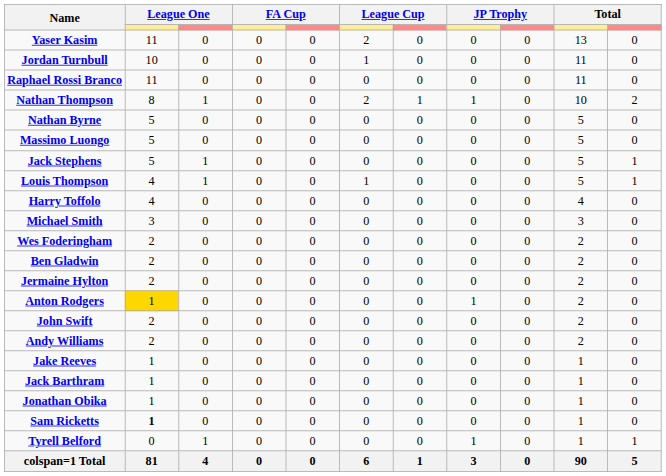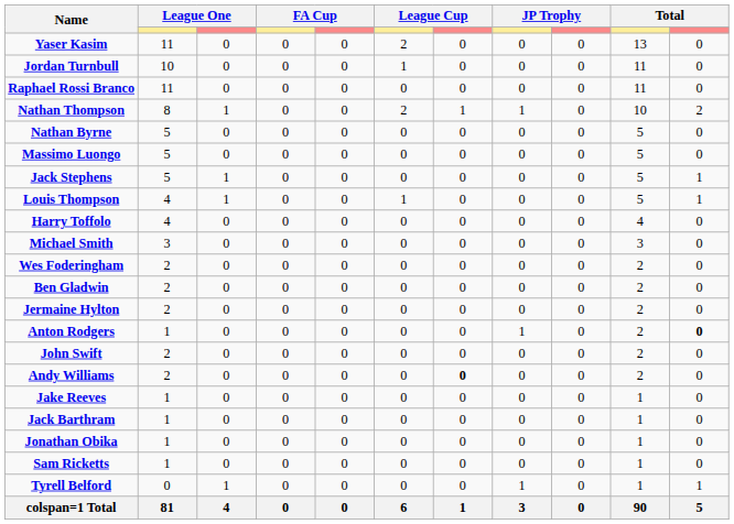 <table class="wikitable" style="font-size: 95%; text-align: center;">
 <tr>
 <th rowspan=2>Name</th>
 <th colspan=2><a href='#'>League One</a></th>
 <th colspan=2><a href='#'>FA Cup</a></th>
 <th colspan=2><a href='#'>League Cup</a></th>
 <th colspan=2><a href='#'>JP Trophy</a></th>
 <th colspan=2>Total</th>
 </tr>
 <tr>
 <th style="width:60px; background:#fe9;"></th>
 <th style="width:60px; background:#ff8888;"></th>
 <th style="width:60px; background:#fe9;"></th>
 <th style="width:60px; background:#ff8888;"></th>
 <th style="width:60px; background:#fe9;"></th>
 <th style="width:60px; background:#ff8888;"></th>
 <th style="width:60px; background:#fe9;"></th>
 <th style="width:60px; background:#ff8888;"></th>
 <th style="width:60px; background:#fe9;"></th>
 <th style="width:60px; background:#ff8888;"></th>
 </tr>
 <tr>
 <td><strong><a href='#'>Yaser Kasim</a></strong></td>
 <td>11</td>
 <td>0</td>
 <td>0</td>
 <td>0</td>
 <td>2</td>
 <td>0</td>
 <td>0</td>
 <td>0</td>
 <td>13</td>
 <td>0</td>
 </tr>
 <tr>
 <td><strong><a href='#'>Jordan Turnbull</a></strong></td>
 <td>10</td>
 <td>0</td>
 <td>0</td>
 <td>0</td>
 <td>1</td>
 <td>0</td>
 <td>0</td>
 <td>0</td>
 <td>11</td>
 <td>0</td>
 </tr>
 <tr>
 <td><strong><a href='#'>Raphael Rossi Branco</a></strong></td>
 <td>11</td>
 <td>0</td>
 <td>0</td>
 <td>0</td>
 <td>0</td>
 <td>0</td>
 <td>0</td>
 <td>0</td>
 <td>11</td>
 <td>0</td>
 </tr>
 <tr>
 <td><strong><a href='#'>Nathan Thompson</a></strong></td>
 <td>8</td>
 <td>1</td>
 <td>0</td>
 <td>0</td>
 <td>2</td>
 <td>1</td>
 <td>1</td>
 <td>0</td>
 <td>10</td>
 <td>2</td>
 </tr>
 <tr>
 <td><strong><a href='#'>Nathan Byrne</a></strong></td>
 <td>5</td>
 <td>0</td>
 <td>0</td>
 <td>0</td>
 <td>0</td>
 <td>0</td>
 <td>0</td>
 <td>0</td>
 <td>5</td>
 <td>0</td>
 </tr>
 <tr>
 <td><strong><a href='#'>Massimo Luongo</a></strong></td>
 <td>5</td>
 <td>0</td>
 <td>0</td>
 <td>0</td>
 <td>0</td>
 <td>0</td>
 <td>0</td>
 <td>0</td>
 <td>5</td>
 <td>0</td>
 </tr>
 <tr>
 <td><strong><a href='#'>Jack Stephens</a></strong></td>
 <td>5</td>
 <td>1</td>
 <td>0</td>
 <td>0</td>
 <td>0</td>
 <td>0</td>
 <td>0</td>
 <td>0</td>
 <td>5</td>
 <td>1</td>
 </tr>
 <tr>
 <td><strong><a href='#'>Louis Thompson</a></strong></td>
 <td>4</td>
 <td>1</td>
 <td>0</td>
 <td>0</td>
 <td>1</td>
 <td>0</td>
 <td>0</td>
 <td>0</td>
 <td>5</td>
 <td>1</td>
 </tr>
 <tr>
 <td><strong><a href='#'>Harry Toffolo</a></strong></td>
 <td>4</td>
 <td>0</td>
 <td>0</td>
 <td>0</td>
 <td>0</td>
 <td>0</td>
 <td>0</td>
 <td>0</td>
 <td>4</td>
 <td>0</td>
 </tr>
 <tr>
 <td><strong><a href='#'>Michael Smith</a></strong></td>
 <td>3</td>
 <td>0</td>
 <td>0</td>
 <td>0</td>
 <td>0</td>
 <td>0</td>
 <td>0</td>
 <td>0</td>
 <td>3</td>
 <td>0</td>
 </tr>
 <tr>
 <td><strong><a href='#'>Wes Foderingham</a></strong></td>
 <td>2</td>
 <td>0</td>
 <td>0</td>
 <td>0</td>
 <td>0</td>
 <td>0</td>
 <td>0</td>
 <td>0</td>
 <td>2</td>
 <td>0</td>
 </tr>
 <tr>
 <td><strong><a href='#'>Ben Gladwin</a></strong></td>
 <td>2</td>
 <td>0</td>
 <td>0</td>
 <td>0</td>
 <td>0</td>
 <td>0</td>
 <td>0</td>
 <td>0</td>
 <td>2</td>
 <td>0</td>
 </tr>
 <tr>
 <td><strong><a href='#'>Jermaine Hylton</a></strong></td>
 <td>2</td>
 <td>0</td>
 <td>0</td>
 <td>0</td>
 <td>0</td>
 <td>0</td>
 <td>0</td>
 <td>0</td>
 <td>2</td>
 <td>0</td>
 </tr>
 <tr>
 <td><strong><a href='#'>Anton Rodgers</a></strong></td>
-<td style="background: gold;">1</td>
+<td>1</td>
 <td>0</td>
 <td>0</td>
 <td>0</td>
 <td>0</td>
 <td>0</td>
 <td>1</td>
 <td>0</td>
 <td>2</td>
-<td>0</td>
+<td><strong>0</strong></td>
 </tr>
 <tr>
 <td><strong><a href='#'>John Swift</a></strong></td>
 <td>2</td>
 <td>0</td>
 <td>0</td>
 <td>0</td>
 <td>0</td>
 <td>0</td>
 <td>0</td>
 <td>0</td>
 <td>2</td>
 <td>0</td>
 </tr>
 <tr>
 <td><strong><a href='#'>Andy Williams</a></strong></td>
 <td>2</td>
 <td>0</td>
 <td>0</td>
 <td>0</td>
 <td>0</td>
-<td>0</td>
+<td><strong>0</strong></td>
 <td>0</td>
 <td>0</td>
 <td>2</td>
 <td>0</td>
 </tr>
 <tr>
 <td><strong><a href='#'>Jake Reeves</a></strong></td>
 <td>1</td>
 <td>0</td>
 <td>0</td>
 <td>0</td>
 <td>0</td>
 <td>0</td>
 <td>0</td>
 <td>0</td>
 <td>1</td>
 <td>0</td>
 </tr>
 <tr>
 <td><strong><a href='#'>Jack Barthram</a></strong></td>
 <td>1</td>
 <td>0</td>
 <td>0</td>
 <td>0</td>
 <td>0</td>
 <td>0</td>
 <td>0</td>
 <td>0</td>
 <td>1</td>
 <td>0</td>
 </tr>
 <tr>
 <td><strong><a href='#'>Jonathan Obika</a></strong></td>
 <td>1</td>
 <td>0</td>
 <td>0</td>
 <td>0</td>
 <td>0</td>
 <td>0</td>
 <td>0</td>
 <td>0</td>
 <td>1</td>
 <td>0</td>
 </tr>
 <tr>
 <td><strong><a href='#'>Sam Ricketts</a></strong></td>
-<td><strong>1</strong></td>
+<td>1</td>
 <td>0</td>
 <td>0</td>
 <td>0</td>
 <td>0</td>
 <td>0</td>
 <td>0</td>
 <td>0</td>
 <td>1</td>
 <td>0</td>
 </tr>
 <tr>
 <td><strong><a href='#'>Tyrell Belford</a></strong></td>
 <td>0</td>
 <td>1</td>
 <td>0</td>
 <td>0</td>
 <td>0</td>
 <td>0</td>
 <td>1</td>
 <td>0</td>
 <td>1</td>
 <td>1</td>
 </tr>
 <tr>
 <th>colspan=1 Total</th>
 <th>81</th>
 <th>4</th>
 <th>0</th>
 <th>0</th>
 <th>6</th>
 <th>1</th>
 <th>3</th>
 <th>0</th>
 <th>90</th>
 <th>5</th>
 </tr>
 </table>
